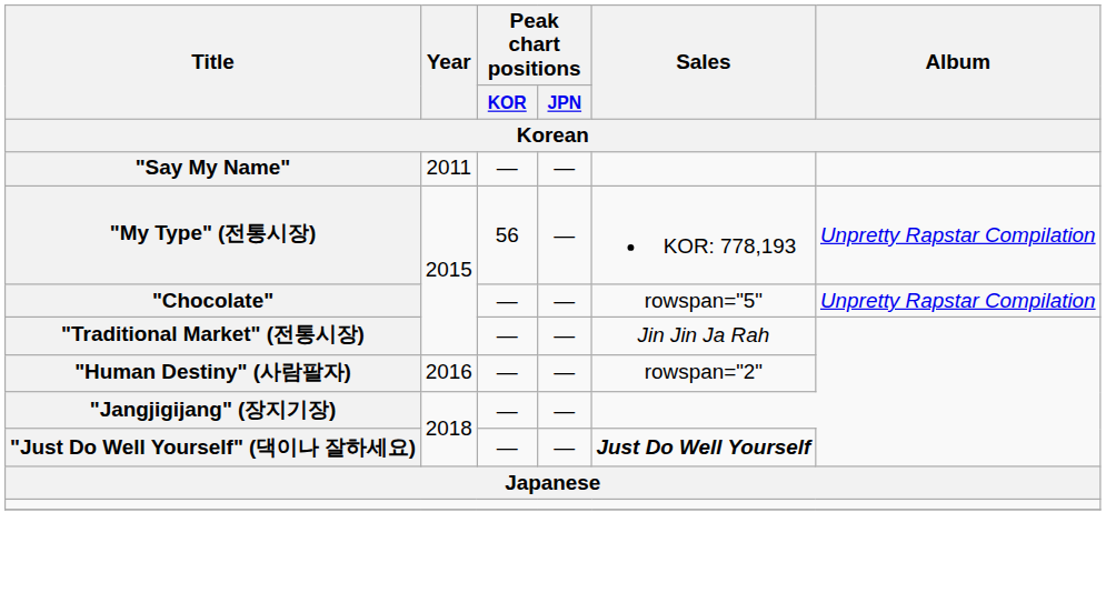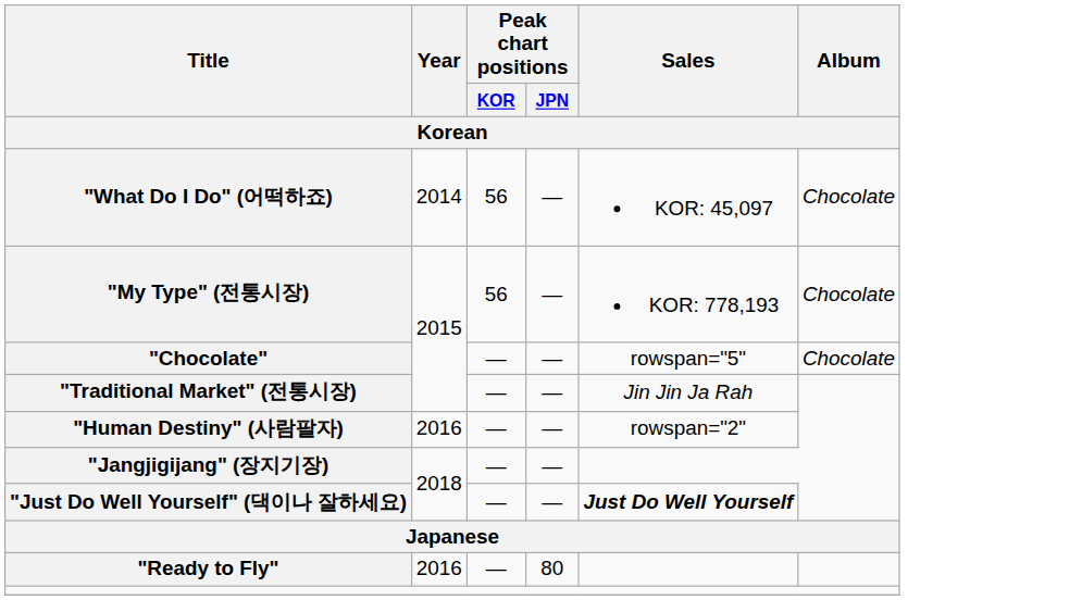 <table class="wikitable plainrowheaders" style="text-align:center;">
 <tr>
 <th rowspan="2" scope="col">Title</th>
 <th rowspan="2" scope="col">Year</th>
 <th colspan="2" scope="col" style="width:5em;">Peak chart positions</th>
 <th rowspan="2" scope="col">Sales</th>
 <th rowspan="2" scope="col">Album</th>
 </tr>
 <tr>
 <th><small><a href='#'>KOR</a></small><br></th>
 <th><small><a href='#'>JPN</a></small><br></th>
 </tr>
 <tr>
 <th colspan="6" scope="col">Korean</th>
 </tr>
 <tr>
-<th scope="row">"Say My Name"</th>
-<td>2011</td>
+<th scope="row">"What Do I Do" (어떡하죠)</th>
+<td>2014</td>
+<td>56</td>
 <td>—</td>
-<td>—</td>
-<td></td>
-<td></td>
+<td><br><ul><li>KOR: 45,097</li></ul></td>
+<td><em>Chocolate</em></td>
 </tr>
 <tr>
 <th scope="row">"My Type" (전통시장)<br></th>
 <td rowspan="3">2015</td>
 <td>56</td>
 <td>—</td>
 <td><br><ul><li>KOR: 778,193</li></ul></td>
-<td><em><a href='#'>Unpretty Rapstar Compilation</a></em></td>
+<td><em>Chocolate</em></td>
 </tr>
 <tr>
 <th scope="row">"Chocolate"<br></th>
 <td>—</td>
 <td>—</td>
 <td>rowspan="5" </td>
-<td><em><a href='#'>Unpretty Rapstar Compilation</a></em></td>
+<td><em>Chocolate</em></td>
 </tr>
 <tr>
 <th scope="row">"Traditional Market" (전통시장)<br></th>
 <td>—</td>
 <td>—</td>
 <td><em>Jin Jin Ja Rah</em></td>
 </tr>
 <tr>
 <th scope="row">"Human Destiny" (사람팔자)<br></th>
 <td>2016</td>
 <td>—</td>
 <td>—</td>
 <td>rowspan="2" </td>
 </tr>
 <tr>
 <th scope="row">"Jangjigijang" (장지기장)<br></th>
 <td rowspan="2">2018</td>
 <td>—</td>
 <td>—</td>
 </tr>
 <tr>
 <th scope="row">"Just Do Well Yourself" (댁이나 잘하세요)</th>
 <td>—</td>
 <td>—</td>
 <td><strong><em>Just Do Well Yourself</em></strong></td>
 </tr>
 <tr>
 <th colspan="6">Japanese</th>
 </tr>
 <tr>
+<th scope="row">"Ready to Fly"</th>
+<td>2016</td>
+<td>—</td>
+<td>80</td>
+<td></td>
+<td></td>
+</tr>
+<tr>
 <td colspan="6"></td>
 </tr>
 <tr>
 </tr>
 </table>
